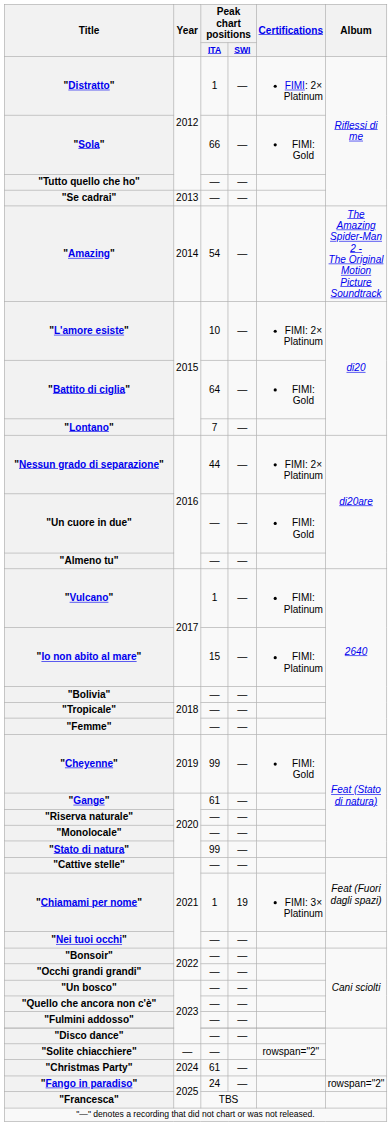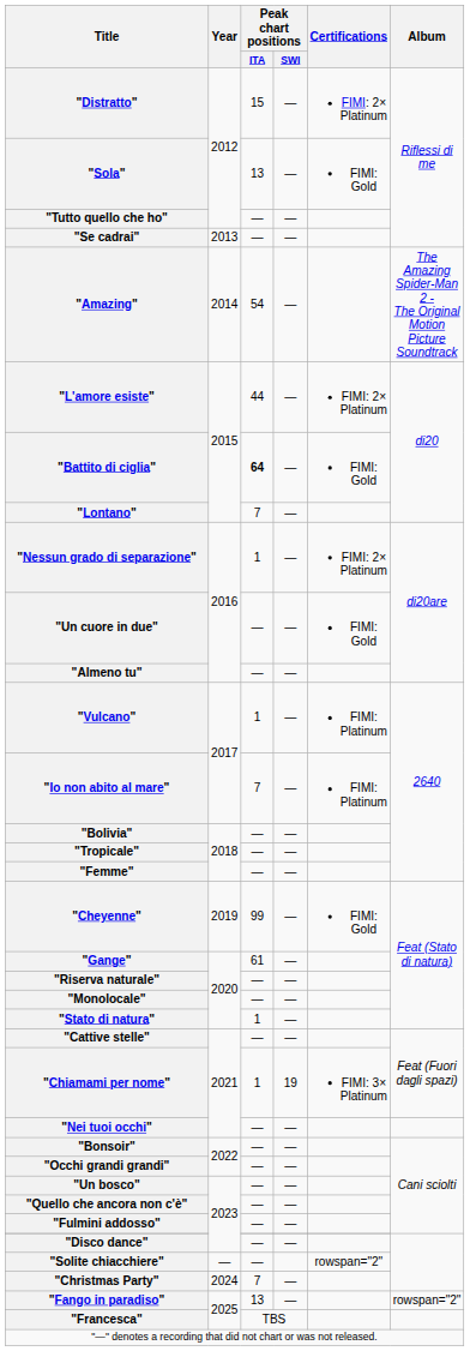 <table class="wikitable plainrowheaders" style="text-align:center;">
 <tr>
 <th scope="col" rowspan="2" style="width:23em;">Title</th>
 <th scope="col" rowspan="2" style="width:1em;">Year</th>
 <th scope="col" colspan="2">Peak chart positions</th>
 <th scope="col" rowspan="2"><a href='#'>Certifications</a></th>
 <th scope="col" rowspan="2">Album</th>
 </tr>
 <tr>
 <th scope="col" style="width:3em;font-size:85%;"><a href='#'>ITA</a><br></th>
 <th scope="col" style="width:3em;font-size:85%;"><a href='#'>SWI</a><br></th>
 </tr>
 <tr>
 <th scope="row">"<a href='#'>Distratto</a>"</th>
 <td rowspan="3">2012</td>
-<td>1</td>
+<td>15</td>
 <td>—</td>
 <td><br><ul><li><a href='#'>FIMI</a>: 2× Platinum</li></ul></td>
 <td rowspan="4"><em><a href='#'>Riflessi di me</a></em></td>
 </tr>
 <tr>
 <th scope="row">"<a href='#'>Sola</a>"</th>
-<td>66</td>
+<td>13</td>
 <td>—</td>
 <td><br><ul><li>FIMI: Gold</li></ul></td>
 </tr>
 <tr>
 <th scope="row">"Tutto quello che ho"</th>
 <td>—</td>
 <td>—</td>
 <td></td>
 </tr>
 <tr>
 <th scope="row">"Se cadrai"</th>
 <td>2013</td>
 <td>—</td>
 <td>—</td>
 <td></td>
 </tr>
 <tr>
 <th scope="row">"<a href='#'>Amazing</a>"</th>
 <td>2014</td>
 <td>54</td>
 <td>—</td>
 <td></td>
 <td><em><a href='#'>The Amazing Spider-Man 2 -<br>The Original Motion Picture Soundtrack</a></em></td>
 </tr>
 <tr>
 <th scope="row">"<a href='#'>L'amore esiste</a>"</th>
 <td rowspan="3">2015</td>
-<td>10</td>
+<td>44</td>
 <td>—</td>
 <td><br><ul><li>FIMI: 2× Platinum</li></ul></td>
 <td rowspan="3"><em><a href='#'>di20</a></em></td>
 </tr>
 <tr>
 <th scope="row">"<a href='#'>Battito di ciglia</a>"</th>
-<td>64</td>
+<td><strong>64</strong></td>
 <td>—</td>
 <td><br><ul><li>FIMI: Gold</li></ul></td>
 </tr>
 <tr>
 <th scope="row">"<a href='#'>Lontano</a>"</th>
 <td>7<br></td>
 <td>—</td>
 <td></td>
 </tr>
 <tr>
 <th scope="row">"<a href='#'>Nessun grado di separazione</a>"</th>
 <td rowspan="3">2016</td>
-<td>44</td>
+<td>1</td>
 <td>—</td>
 <td><br><ul><li>FIMI: 2× Platinum</li></ul></td>
 <td rowspan="3"><em><a href='#'>di20are</a></em></td>
 </tr>
 <tr>
 <th scope="row">"Un cuore in due"</th>
 <td>—</td>
 <td>—</td>
 <td><br><ul><li>FIMI: Gold</li></ul></td>
 </tr>
 <tr>
 <th scope="row">"Almeno tu"</th>
 <td>—</td>
 <td>—</td>
 <td></td>
 </tr>
 <tr>
 <th scope="row">"<a href='#'>Vulcano</a>"</th>
 <td rowspan="2">2017</td>
 <td>1</td>
 <td>—</td>
 <td><br><ul><li>FIMI: Platinum</li></ul></td>
 <td rowspan="5"><em><a href='#'>2640</a></em></td>
 </tr>
 <tr>
 <th scope="row">"<a href='#'>Io non abito al mare</a>"</th>
-<td>15</td>
+<td>7<br></td>
 <td>—</td>
 <td><br><ul><li>FIMI: Platinum</li></ul></td>
 </tr>
 <tr>
 <th scope="row">"Bolivia"</th>
 <td rowspan="3">2018</td>
 <td>—</td>
 <td>—</td>
 <td></td>
 </tr>
 <tr>
 <th scope="row">"Tropicale"</th>
 <td>—</td>
 <td>—</td>
 <td></td>
 </tr>
 <tr>
 <th scope="row">"Femme"</th>
 <td>—</td>
 <td>—</td>
 <td></td>
 </tr>
 <tr>
 <th scope="row">"<a href='#'>Cheyenne</a>"<br></th>
 <td>2019</td>
 <td>99</td>
 <td>—</td>
 <td><br><ul><li>FIMI: Gold</li></ul></td>
 <td rowspan="5"><em><a href='#'>Feat (Stato di natura)</a></em></td>
 </tr>
 <tr>
 <th scope="row">"<a href='#'>Gange</a>"<br></th>
 <td rowspan="4">2020</td>
 <td>61</td>
 <td>—</td>
 </tr>
 <tr>
 <th scope="row">"Riserva naturale"<br></th>
 <td>—</td>
 <td>—</td>
 <td></td>
 </tr>
 <tr>
 <th scope="row">"Monolocale"<br></th>
 <td>—</td>
 <td>—</td>
 <td></td>
 </tr>
 <tr>
 <th scope="row">"<a href='#'>Stato di natura</a>"<br></th>
-<td>99</td>
+<td>1</td>
 <td>—</td>
 <td></td>
 </tr>
 <tr>
 <th scope="row">"Cattive stelle"<br></th>
 <td rowspan="3">2021</td>
 <td>—</td>
 <td>—</td>
 <td></td>
 <td rowspan="2"><em>Feat (Fuori dagli spazi)</em></td>
 </tr>
 <tr>
 <th scope="row">"<a href='#'>Chiamami per nome</a>"<br></th>
 <td>1</td>
 <td>19</td>
 <td><br><ul><li>FIMI: 3× Platinum</li></ul></td>
 </tr>
 <tr>
 <th scope="row">"<a href='#'>Nei tuoi occhi</a>"</th>
 <td>—</td>
 <td>—</td>
 <td></td>
 <td></td>
 </tr>
 <tr>
 <th scope="row">"Bonsoir"</th>
 <td rowspan="2">2022</td>
 <td>—</td>
 <td>—</td>
 <td></td>
 <td rowspan="6"><em>Cani sciolti</em></td>
 </tr>
 <tr>
 <th scope="row">"Occhi grandi grandi"</th>
 <td>—</td>
 <td>—</td>
 <td></td>
 </tr>
 <tr>
 <th scope="row">"Un bosco"</th>
 <td rowspan="5">2023</td>
 <td>—</td>
 <td>—</td>
 <td></td>
 </tr>
 <tr>
 <th scope="row">"Quello che ancora non c'è"</th>
 <td>—</td>
 <td>—</td>
 <td></td>
 </tr>
 <tr>
 <th scope="row">"Fulmini addosso"</th>
 <td>—</td>
 <td>—</td>
 <td></td>
 </tr>
 <tr>
 </tr>
 <tr>
 <th scope="row">"Disco dance"<br></th>
 <td>—</td>
 <td>—</td>
 <td></td>
 </tr>
 <tr>
 <th scope="row">"Solite chiacchiere"</th>
 <td>—</td>
 <td>—</td>
 <td></td>
 <td>rowspan="2" </td>
 </tr>
 <tr>
 <th scope="row">"Christmas Party"</th>
 <td>2024</td>
-<td>61</td>
+<td>7<br></td>
 <td>—</td>
 <td></td>
 </tr>
 <tr>
 <th scope="row">"<a href='#'>Fango in paradiso</a>"</th>
 <td rowspan="2">2025</td>
-<td>24<br></td>
+<td>13</td>
 <td>—</td>
 <td></td>
 <td>rowspan="2" </td>
 </tr>
 <tr>
 <th scope="row">"Francesca"</th>
 <td colspan="2"><abbr>TBS</abbr></td>
 <td></td>
 </tr>
 <tr>
 <td colspan="20" style="text-align:center; font-size:85%;">"—" denotes a recording that did not chart or was not released.</td>
 </tr>
 </table>
